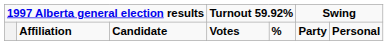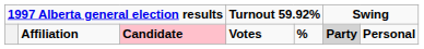 <table class="wikitable">
 <tr>
 <td colspan="3" align=center><strong><a href='#'>1997 Alberta general election</a> results</strong></td>
 <td colspan="2"><strong>Turnout 59.92%</strong></td>
 <td colspan="2" align=center><strong>Swing</strong></td>
 </tr>
 <tr>
 <th style="width: 10px;"></th>
 <td><strong>Affiliation</strong></td>
-<td><strong>Candidate</strong></td>
+<td style="background: pink;"><strong>Candidate</strong></td>
 <td><strong>Votes</strong></td>
 <td><strong>%</strong></td>
-<td><strong>Party</strong></td>
+<td style="background: lightgrey;"><strong>Party</strong></td>
 <td><strong>Personal</strong><br>       </td>
 </tr>
 </table>
